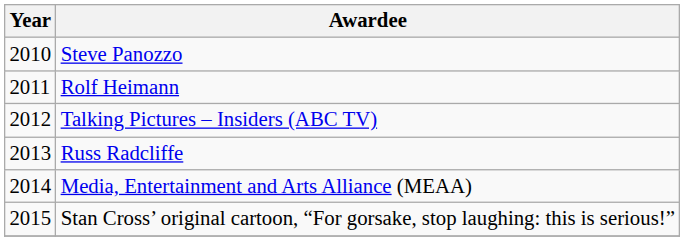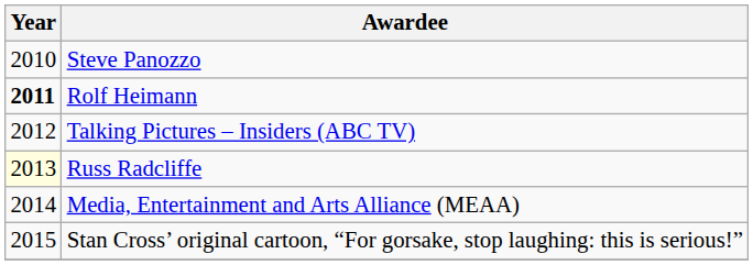 <table class="wikitable">
 <tr>
 <th align="left">Year</th>
 <th align="left">Awardee</th>
 </tr>
 <tr>
 <td align="left">2010</td>
 <td align="centr"><a href='#'>Steve Panozzo</a></td>
 </tr>
 <tr>
-<td align="left">2011</td>
+<td align="left"><strong>2011</strong></td>
 <td align="centr"><a href='#'>Rolf Heimann</a></td>
 </tr>
 <tr>
 <td align="left">2012</td>
 <td align="centr"><a href='#'>Talking Pictures – Insiders (ABC TV)</a></td>
 </tr>
 <tr>
-<td align="left">2013</td>
+<td align="left" style="background: lightyellow;">2013</td>
 <td align="centr"><a href='#'>Russ Radcliffe</a></td>
 </tr>
 <tr>
 <td align="left">2014</td>
 <td align="centr"><a href='#'>Media, Entertainment and Arts Alliance</a> (MEAA)</td>
 </tr>
 <tr>
 <td align="left">2015</td>
 <td align="centr">Stan Cross’ original cartoon, “For gorsake, stop laughing: this is serious!”</td>
 </tr>
 <tr>
 </tr>
 </table>
